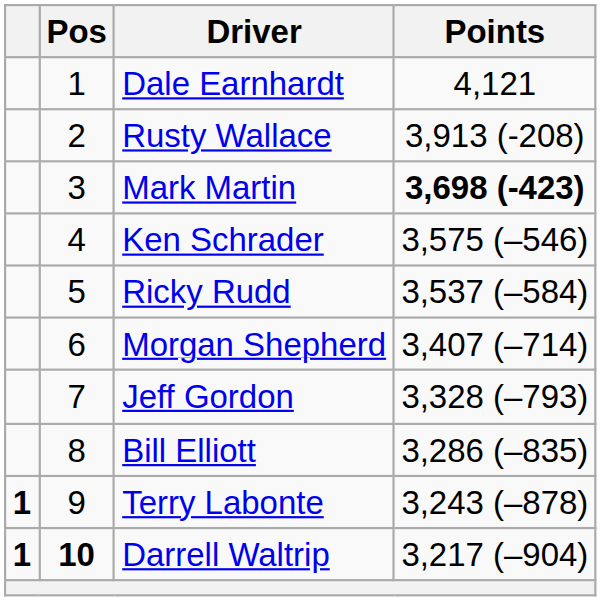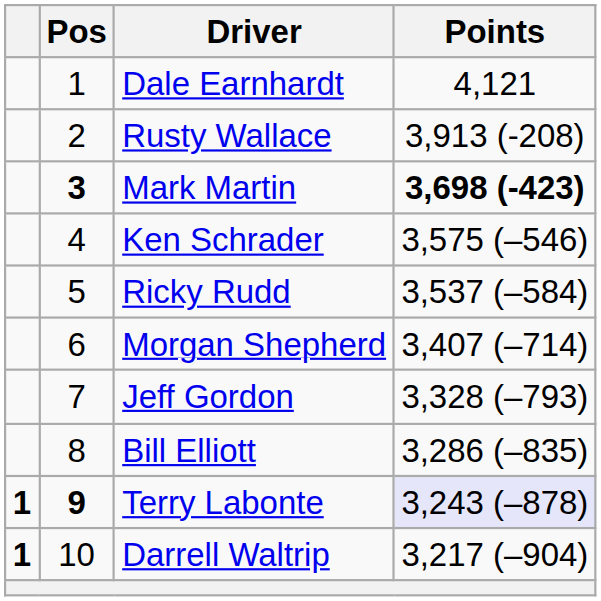 <table class="wikitable" style="font-size: 95%;">
 <tr>
 <th></th>
 <th>Pos</th>
 <th>Driver</th>
 <th>Points</th>
 </tr>
 <tr>
 <td align="left"></td>
 <td style="text-align:center;">1</td>
 <td><a href='#'>Dale Earnhardt</a></td>
 <td style="text-align:center;">4,121</td>
 </tr>
 <tr>
 <td align="left"></td>
 <td style="text-align:center;">2</td>
 <td><a href='#'>Rusty Wallace</a></td>
 <td style="text-align:center;">3,913 (-208)</td>
 </tr>
 <tr>
 <td align="left"></td>
-<td style="text-align:center;">3</td>
+<td style="text-align:center;"><strong>3</strong></td>
 <td><a href='#'>Mark Martin</a></td>
 <td style="text-align:center;"><strong>3,698 (-423)</strong></td>
 </tr>
 <tr>
 <td align="left"></td>
 <td style="text-align:center;">4</td>
 <td><a href='#'>Ken Schrader</a></td>
 <td style="text-align:center;">3,575 (–546)</td>
 </tr>
 <tr>
 <td align="left"></td>
 <td style="text-align:center;">5</td>
 <td><a href='#'>Ricky Rudd</a></td>
 <td style="text-align:center;">3,537 (–584)</td>
 </tr>
 <tr>
 <td align="left"></td>
 <td style="text-align:center;">6</td>
 <td><a href='#'>Morgan Shepherd</a></td>
 <td style="text-align:center;">3,407 (–714)</td>
 </tr>
 <tr>
 <td align="left"></td>
 <td style="text-align:center;">7</td>
 <td><a href='#'>Jeff Gordon</a></td>
 <td style="text-align:center;">3,328 (–793)</td>
 </tr>
 <tr>
 <td align="left"></td>
 <td style="text-align:center;">8</td>
 <td><a href='#'>Bill Elliott</a></td>
 <td style="text-align:center;">3,286 (–835)</td>
 </tr>
 <tr>
 <td align="left"> <strong>1</strong></td>
-<td style="text-align:center;">9</td>
+<td style="text-align:center;"><strong>9</strong></td>
 <td><a href='#'>Terry Labonte</a></td>
-<td style="text-align:center;">3,243 (–878)</td>
+<td style="background: lavender; text-align:center;">3,243 (–878)</td>
 </tr>
 <tr>
 <td align="left"> <strong>1</strong></td>
-<td style="text-align:center;"><strong>10</strong></td>
+<td style="text-align:center;">10</td>
 <td><a href='#'>Darrell Waltrip</a></td>
 <td style="text-align:center;">3,217 (–904)</td>
 </tr>
 <tr class="sortbottom">
 <th colspan="9"></th>
 </tr>
 </table>
